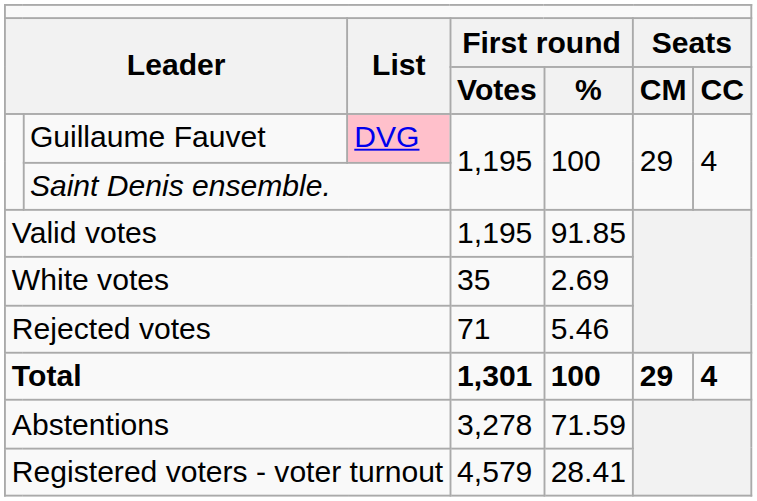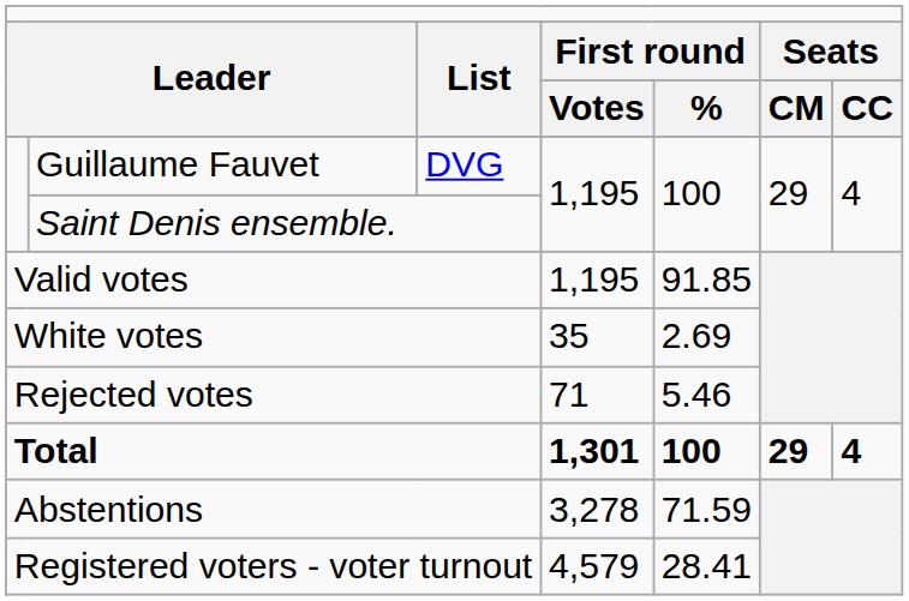 <table class="wikitable">
 <tr>
 <td colspan="7"></td>
 </tr>
 <tr>
 <th colspan="2" rowspan="2">Leader</th>
 <th rowspan="2">List</th>
 <th colspan="2">First round</th>
 <th colspan="2">Seats</th>
 </tr>
 <tr>
 <th>Votes</th>
 <th>%</th>
 <th>CM</th>
 <th>CC</th>
 </tr>
 <tr>
 <td rowspan="2" bgcolor=></td>
 <td>Guillaume Fauvet</td>
-<td style="background: pink;"><a href='#'>DVG</a></td>
+<td><a href='#'>DVG</a></td>
 <td rowspan="2">1,195</td>
 <td rowspan="2">100</td>
 <td rowspan="2">29</td>
 <td rowspan="2">4</td>
 </tr>
 <tr>
 <td colspan="2"><em>Saint Denis ensemble.</em></td>
 </tr>
 <tr>
 <td colspan="3">Valid votes</td>
 <td>1,195</td>
 <td>91.85</td>
 <th colspan="2" rowspan="3"></th>
 </tr>
 <tr>
 <td colspan="3">White votes</td>
 <td>35</td>
 <td>2.69</td>
 </tr>
 <tr>
 <td colspan="3">Rejected votes</td>
 <td>71</td>
 <td>5.46</td>
 </tr>
 <tr>
 <td colspan="3"><strong>Total</strong></td>
 <td><strong>1,301</strong></td>
 <td><strong>100</strong></td>
 <td><strong>29</strong></td>
 <td><strong>4</strong></td>
 </tr>
 <tr>
 <td colspan="3">Abstentions</td>
 <td>3,278</td>
 <td>71.59</td>
 <th colspan="2" rowspan="2"></th>
 </tr>
 <tr>
 <td colspan="3">Registered voters - voter turnout</td>
 <td>4,579</td>
 <td>28.41</td>
 </tr>
 </table>
